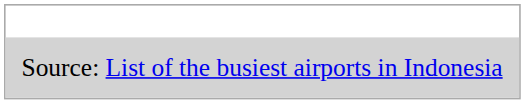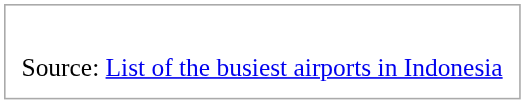 <table style="border:solid 1px #aaa;" cellpadding="10" cellspacing="0">
 <tr>
 <td></td>
 </tr>
 <tr>
-<td style="background: lightgrey;">Source: <a href='#'>List of the busiest airports in Indonesia</a></td>
+<td>Source: <a href='#'>List of the busiest airports in Indonesia</a></td>
 </tr>
 </table>
